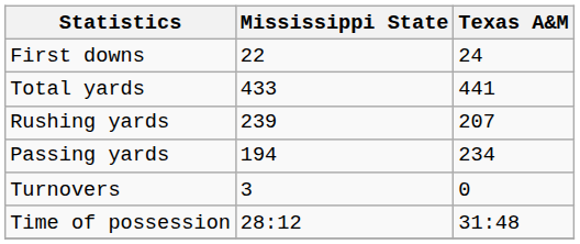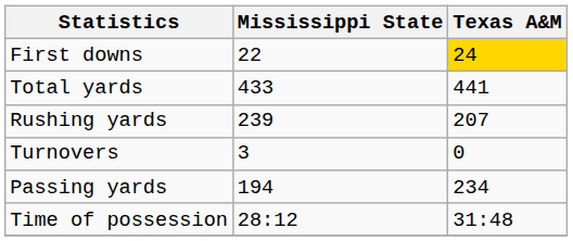 <table class="wikitable" style="float: left;">
 <tr>
 <th>Statistics</th>
 <th>Mississippi State</th>
 <th>Texas A&M</th>
 </tr>
 <tr>
 <td>First downs</td>
 <td>22</td>
-<td>24</td>
+<td style="background: gold;">24</td>
 </tr>
 <tr>
 <td>Total yards</td>
 <td>433</td>
 <td>441</td>
 </tr>
 <tr>
 <td>Rushing yards</td>
 <td>239</td>
 <td>207</td>
 </tr>
 <tr>
+<td>Turnovers</td>
+<td>3</td>
+<td>0</td>
+</tr>
+<tr>
 <td>Passing yards</td>
 <td>194</td>
 <td>234</td>
-</tr>
-<tr>
-<td>Turnovers</td>
-<td>3</td>
-<td>0</td>
 </tr>
 <tr>
 <td>Time of possession</td>
 <td>28:12</td>
 <td>31:48</td>
 </tr>
 <tr>
 </tr>
 </table>
